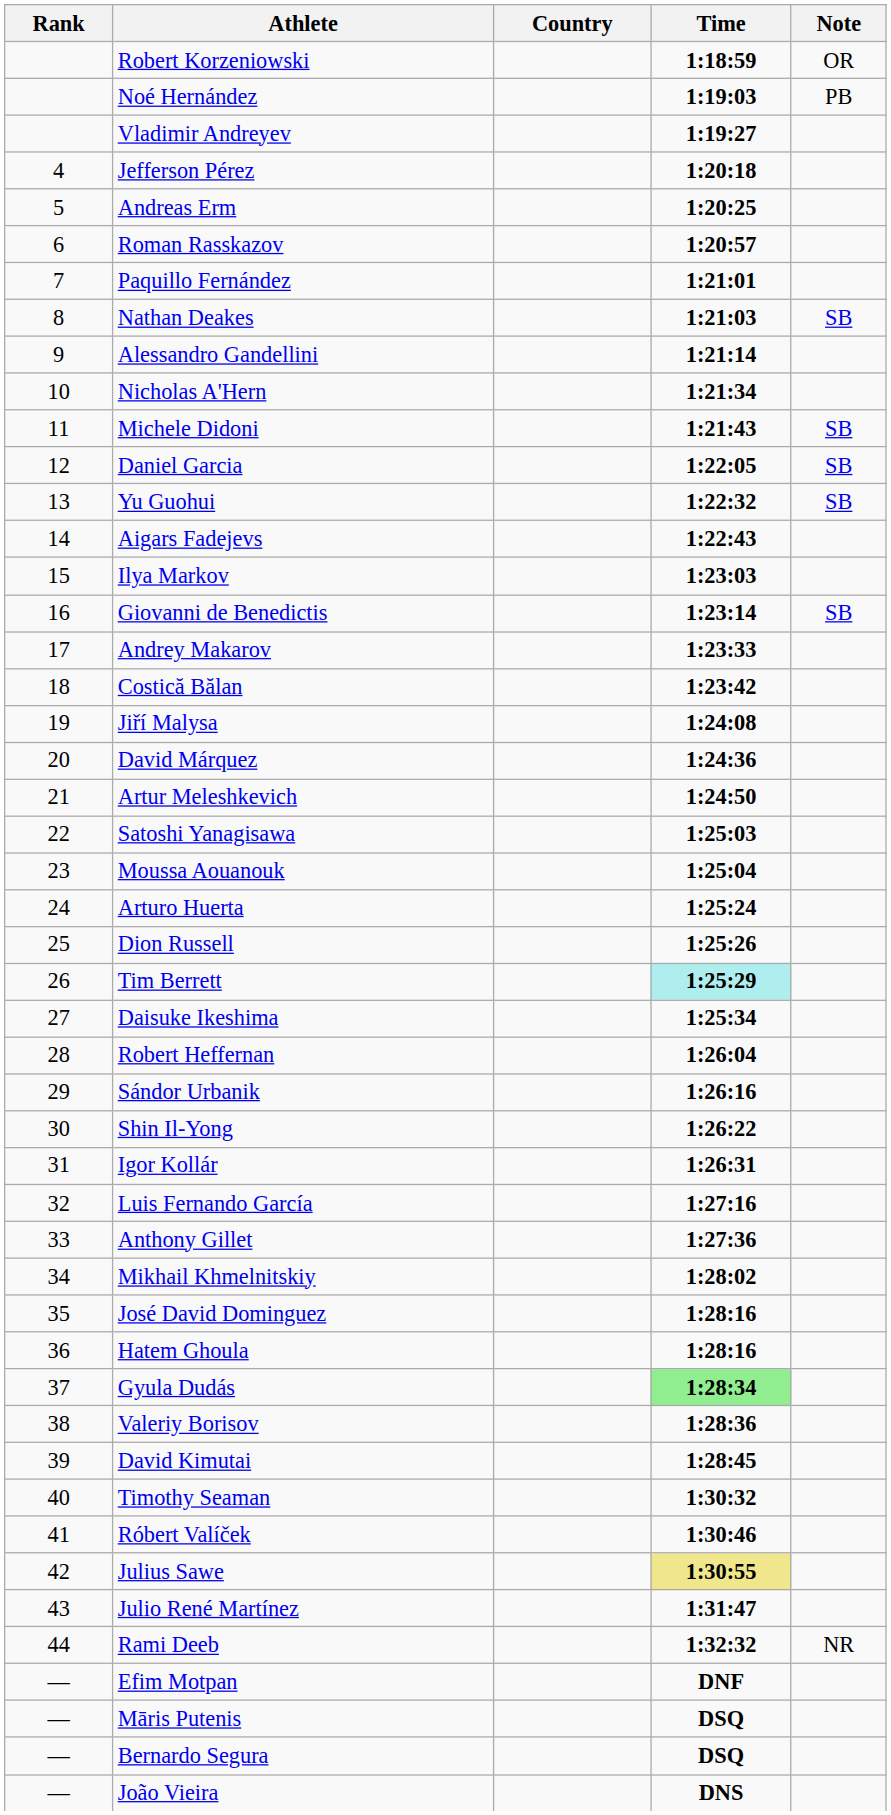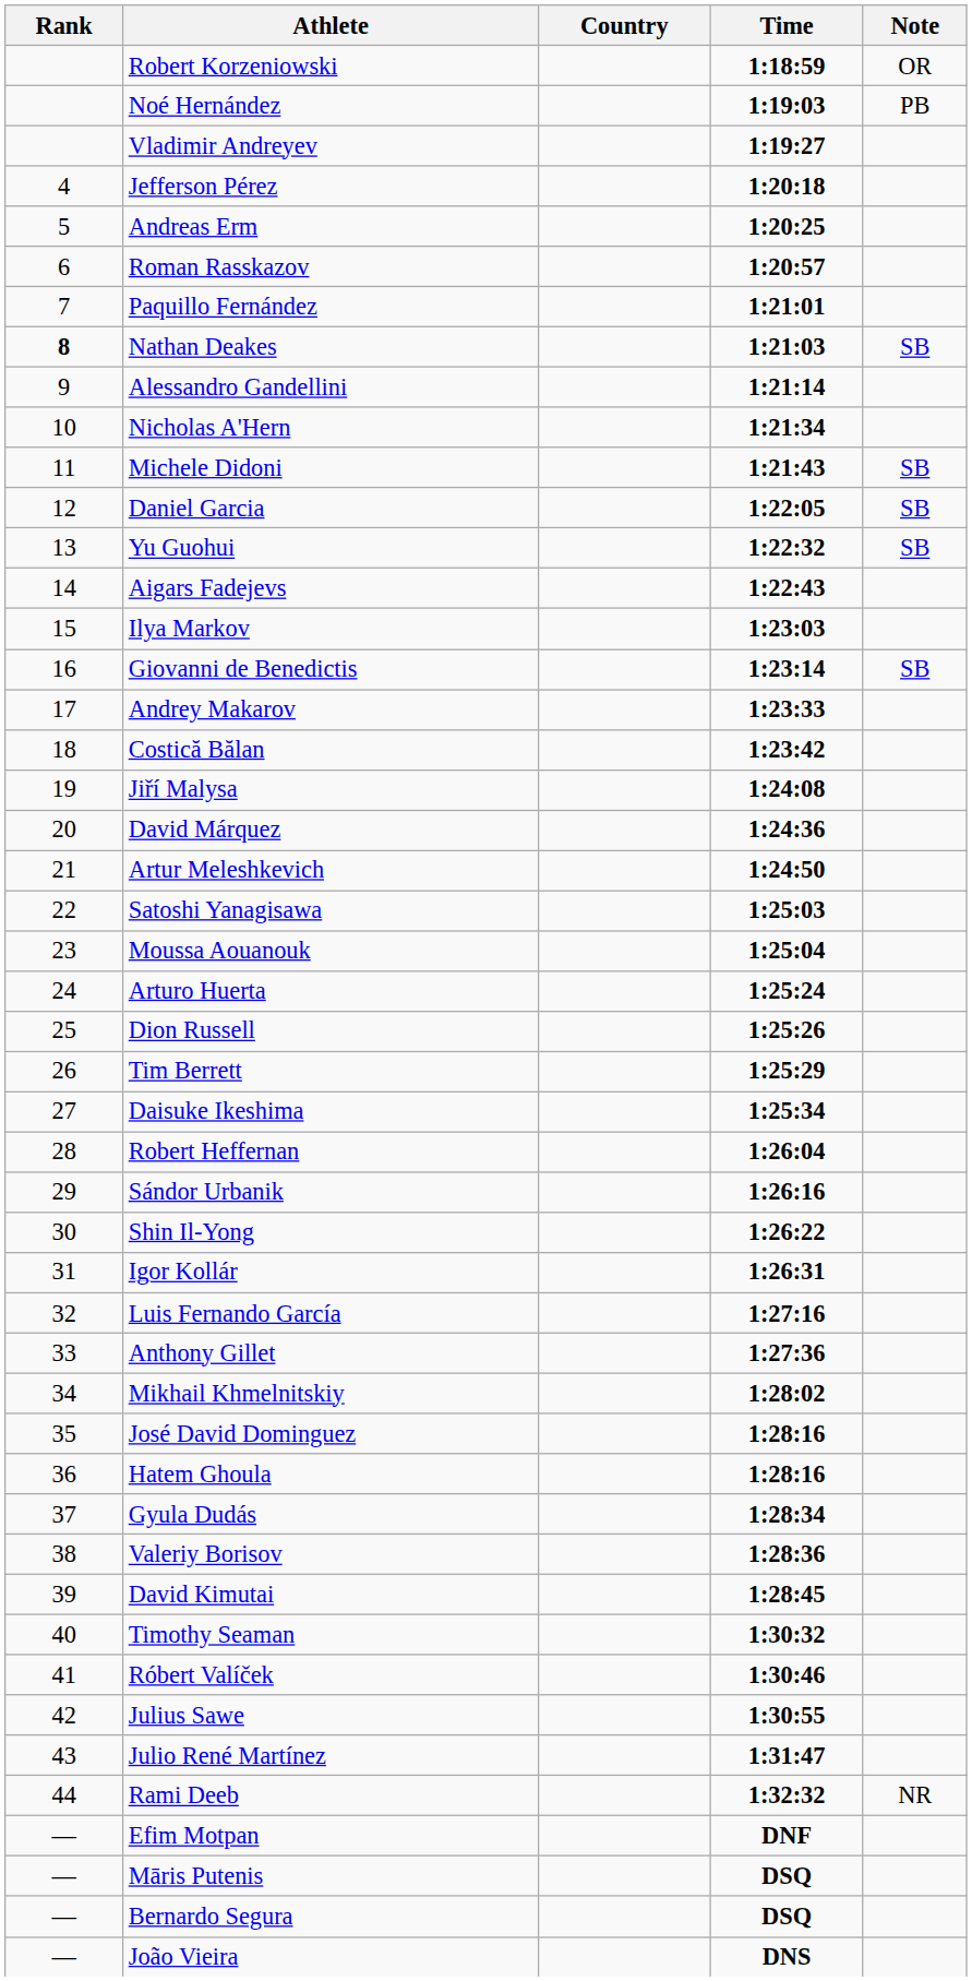 <table class="wikitable sortable" style=" text-align:center; font-size:110%;" width="55%">
 <tr>
 <th>Rank</th>
 <th>Athlete</th>
 <th>Country</th>
 <th>Time</th>
 <th>Note</th>
 </tr>
 <tr>
 <td></td>
 <td align=left><a href='#'>Robert Korzeniowski</a></td>
 <td></td>
 <td><strong>1:18:59</strong></td>
 <td>OR</td>
 </tr>
 <tr>
 <td></td>
 <td align=left><a href='#'>Noé Hernández</a></td>
 <td></td>
 <td><strong>1:19:03</strong></td>
 <td>PB</td>
 </tr>
 <tr>
 <td></td>
 <td align=left><a href='#'>Vladimir Andreyev</a></td>
 <td></td>
 <td><strong>1:19:27</strong></td>
 <td></td>
 </tr>
 <tr>
 <td>4</td>
 <td align=left><a href='#'>Jefferson Pérez</a></td>
 <td></td>
 <td><strong>1:20:18</strong></td>
 <td></td>
 </tr>
 <tr>
 <td>5</td>
 <td align=left><a href='#'>Andreas Erm</a></td>
 <td></td>
 <td><strong>1:20:25</strong></td>
 <td></td>
 </tr>
 <tr>
 <td>6</td>
 <td align=left><a href='#'>Roman Rasskazov</a></td>
 <td></td>
 <td><strong>1:20:57</strong></td>
 <td></td>
 </tr>
 <tr>
 <td>7</td>
 <td align=left><a href='#'>Paquillo Fernández</a></td>
 <td></td>
 <td><strong>1:21:01</strong></td>
 <td></td>
 </tr>
 <tr>
-<td>8</td>
+<td><strong>8</strong></td>
 <td align=left><a href='#'>Nathan Deakes</a></td>
 <td></td>
 <td><strong>1:21:03</strong></td>
 <td><a href='#'>SB</a></td>
 </tr>
 <tr>
 <td>9</td>
 <td align=left><a href='#'>Alessandro Gandellini</a></td>
 <td></td>
 <td><strong>1:21:14</strong></td>
 <td></td>
 </tr>
 <tr>
 <td>10</td>
 <td align=left><a href='#'>Nicholas A'Hern</a></td>
 <td></td>
 <td><strong>1:21:34</strong></td>
 <td></td>
 </tr>
 <tr>
 <td>11</td>
 <td align=left><a href='#'>Michele Didoni</a></td>
 <td></td>
 <td><strong>1:21:43</strong></td>
 <td><a href='#'>SB</a></td>
 </tr>
 <tr>
 <td>12</td>
 <td align=left><a href='#'>Daniel Garcia</a></td>
 <td></td>
 <td><strong>1:22:05</strong></td>
 <td><a href='#'>SB</a></td>
 </tr>
 <tr>
 <td>13</td>
 <td align=left><a href='#'>Yu Guohui</a></td>
 <td></td>
 <td><strong>1:22:32</strong></td>
 <td><a href='#'>SB</a></td>
 </tr>
 <tr>
 <td>14</td>
 <td align=left><a href='#'>Aigars Fadejevs</a></td>
 <td></td>
 <td><strong>1:22:43</strong></td>
 <td></td>
 </tr>
 <tr>
 <td>15</td>
 <td align=left><a href='#'>Ilya Markov</a></td>
 <td></td>
 <td><strong>1:23:03</strong></td>
 <td></td>
 </tr>
 <tr>
 <td>16</td>
 <td align=left><a href='#'>Giovanni de Benedictis</a></td>
 <td></td>
 <td><strong>1:23:14</strong></td>
 <td><a href='#'>SB</a></td>
 </tr>
 <tr>
 <td>17</td>
 <td align=left><a href='#'>Andrey Makarov</a></td>
 <td></td>
 <td><strong>1:23:33</strong></td>
 <td></td>
 </tr>
 <tr>
 <td>18</td>
 <td align=left><a href='#'>Costică Bălan</a></td>
 <td></td>
 <td><strong>1:23:42</strong></td>
 <td></td>
 </tr>
 <tr>
 <td>19</td>
 <td align=left><a href='#'>Jiří Malysa</a></td>
 <td></td>
 <td><strong>1:24:08</strong></td>
 <td></td>
 </tr>
 <tr>
 <td>20</td>
 <td align=left><a href='#'>David Márquez</a></td>
 <td></td>
 <td><strong>1:24:36</strong></td>
 <td></td>
 </tr>
 <tr>
 <td>21</td>
 <td align=left><a href='#'>Artur Meleshkevich</a></td>
 <td></td>
 <td><strong>1:24:50</strong></td>
 <td></td>
 </tr>
 <tr>
 <td>22</td>
 <td align=left><a href='#'>Satoshi Yanagisawa</a></td>
 <td></td>
 <td><strong>1:25:03</strong></td>
 <td></td>
 </tr>
 <tr>
 <td>23</td>
 <td align=left><a href='#'>Moussa Aouanouk</a></td>
 <td></td>
 <td><strong>1:25:04</strong></td>
 <td></td>
 </tr>
 <tr>
 <td>24</td>
 <td align=left><a href='#'>Arturo Huerta</a></td>
 <td></td>
 <td><strong>1:25:24</strong></td>
 <td></td>
 </tr>
 <tr>
 <td>25</td>
 <td align=left><a href='#'>Dion Russell</a></td>
 <td></td>
 <td><strong>1:25:26</strong></td>
 <td></td>
 </tr>
 <tr>
 <td>26</td>
 <td align=left><a href='#'>Tim Berrett</a></td>
 <td></td>
-<td style="background: paleturquoise;"><strong>1:25:29</strong></td>
+<td><strong>1:25:29</strong></td>
 <td></td>
 </tr>
 <tr>
 <td>27</td>
 <td align=left><a href='#'>Daisuke Ikeshima</a></td>
 <td></td>
 <td><strong>1:25:34</strong></td>
 <td></td>
 </tr>
 <tr>
 <td>28</td>
 <td align=left><a href='#'>Robert Heffernan</a></td>
 <td></td>
 <td><strong>1:26:04</strong></td>
 <td></td>
 </tr>
 <tr>
 <td>29</td>
 <td align=left><a href='#'>Sándor Urbanik</a></td>
 <td></td>
 <td><strong>1:26:16</strong></td>
 <td></td>
 </tr>
 <tr>
 <td>30</td>
 <td align=left><a href='#'>Shin Il-Yong</a></td>
 <td></td>
 <td><strong>1:26:22</strong></td>
 <td></td>
 </tr>
 <tr>
 <td>31</td>
 <td align=left><a href='#'>Igor Kollár</a></td>
 <td></td>
 <td><strong>1:26:31</strong></td>
 <td></td>
 </tr>
 <tr>
 <td>32</td>
 <td align=left><a href='#'>Luis Fernando García</a></td>
 <td></td>
 <td><strong>1:27:16</strong></td>
 <td></td>
 </tr>
 <tr>
 <td>33</td>
 <td align=left><a href='#'>Anthony Gillet</a></td>
 <td></td>
 <td><strong>1:27:36</strong></td>
 <td></td>
 </tr>
 <tr>
 <td>34</td>
 <td align=left><a href='#'>Mikhail Khmelnitskiy</a></td>
 <td></td>
 <td><strong>1:28:02</strong></td>
 <td></td>
 </tr>
 <tr>
 <td>35</td>
 <td align=left><a href='#'>José David Dominguez</a></td>
 <td></td>
 <td><strong>1:28:16</strong></td>
 <td></td>
 </tr>
 <tr>
 <td>36</td>
 <td align=left><a href='#'>Hatem Ghoula</a></td>
 <td></td>
 <td><strong>1:28:16</strong></td>
 <td></td>
 </tr>
 <tr>
 <td>37</td>
 <td align=left><a href='#'>Gyula Dudás</a></td>
 <td></td>
-<td style="background: lightgreen;"><strong>1:28:34</strong></td>
+<td><strong>1:28:34</strong></td>
 <td></td>
 </tr>
 <tr>
 <td>38</td>
 <td align=left><a href='#'>Valeriy Borisov</a></td>
 <td></td>
 <td><strong>1:28:36</strong></td>
 <td></td>
 </tr>
 <tr>
 <td>39</td>
 <td align=left><a href='#'>David Kimutai</a></td>
 <td></td>
 <td><strong>1:28:45</strong></td>
 <td></td>
 </tr>
 <tr>
 <td>40</td>
 <td align=left><a href='#'>Timothy Seaman</a></td>
 <td></td>
 <td><strong>1:30:32</strong></td>
 <td></td>
 </tr>
 <tr>
 <td>41</td>
 <td align=left><a href='#'>Róbert Valíček</a></td>
 <td></td>
 <td><strong>1:30:46</strong></td>
 <td></td>
 </tr>
 <tr>
 <td>42</td>
 <td align=left><a href='#'>Julius Sawe</a></td>
 <td></td>
-<td style="background: khaki;"><strong>1:30:55</strong></td>
+<td><strong>1:30:55</strong></td>
 <td></td>
 </tr>
 <tr>
 <td>43</td>
 <td align=left><a href='#'>Julio René Martínez</a></td>
 <td></td>
 <td><strong>1:31:47</strong></td>
 <td></td>
 </tr>
 <tr>
 <td>44</td>
 <td align=left><a href='#'>Rami Deeb</a></td>
 <td></td>
 <td><strong>1:32:32</strong></td>
 <td>NR</td>
 </tr>
 <tr>
 <td>—</td>
 <td align=left><a href='#'>Efim Motpan</a></td>
 <td></td>
 <td><strong>DNF</strong></td>
 <td></td>
 </tr>
 <tr>
 <td>—</td>
 <td align=left><a href='#'>Māris Putenis</a></td>
 <td></td>
 <td><strong>DSQ</strong></td>
 <td></td>
 </tr>
 <tr>
 <td>—</td>
 <td align=left><a href='#'>Bernardo Segura</a></td>
 <td></td>
 <td><strong>DSQ</strong></td>
 <td></td>
 </tr>
 <tr>
 <td>—</td>
 <td align=left><a href='#'>João Vieira</a></td>
 <td></td>
 <td><strong>DNS</strong></td>
 <td></td>
 </tr>
 </table>
